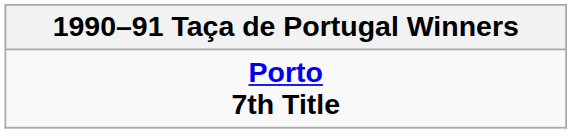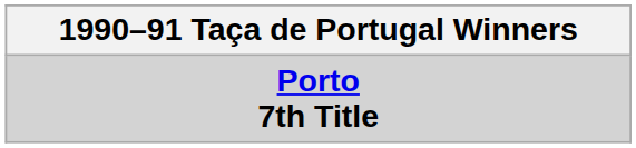 <table class="wikitable" style="text-align: center; margin: 0 auto; width: 20%">
 <tr>
 <th>1990–91 Taça de Portugal Winners</th>
 </tr>
 <tr>
-<td><strong><a href='#'>Porto</a></strong><br><strong>7th Title</strong></td>
+<td style="background: lightgrey;"><strong><a href='#'>Porto</a></strong><br><strong>7th Title</strong></td>
 </tr>
 </table>
